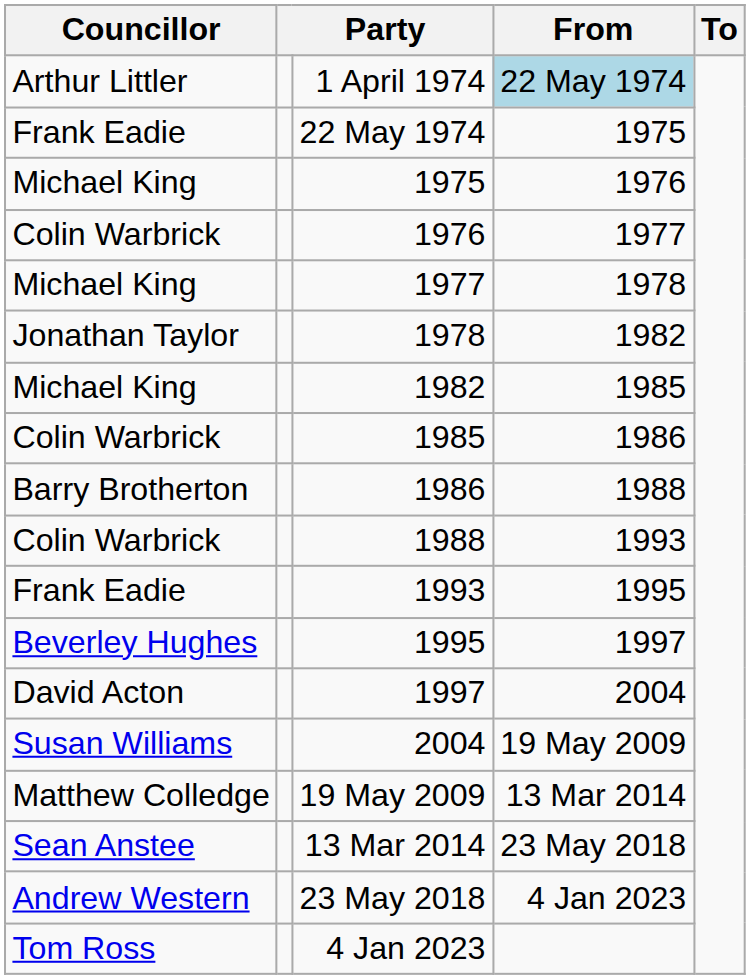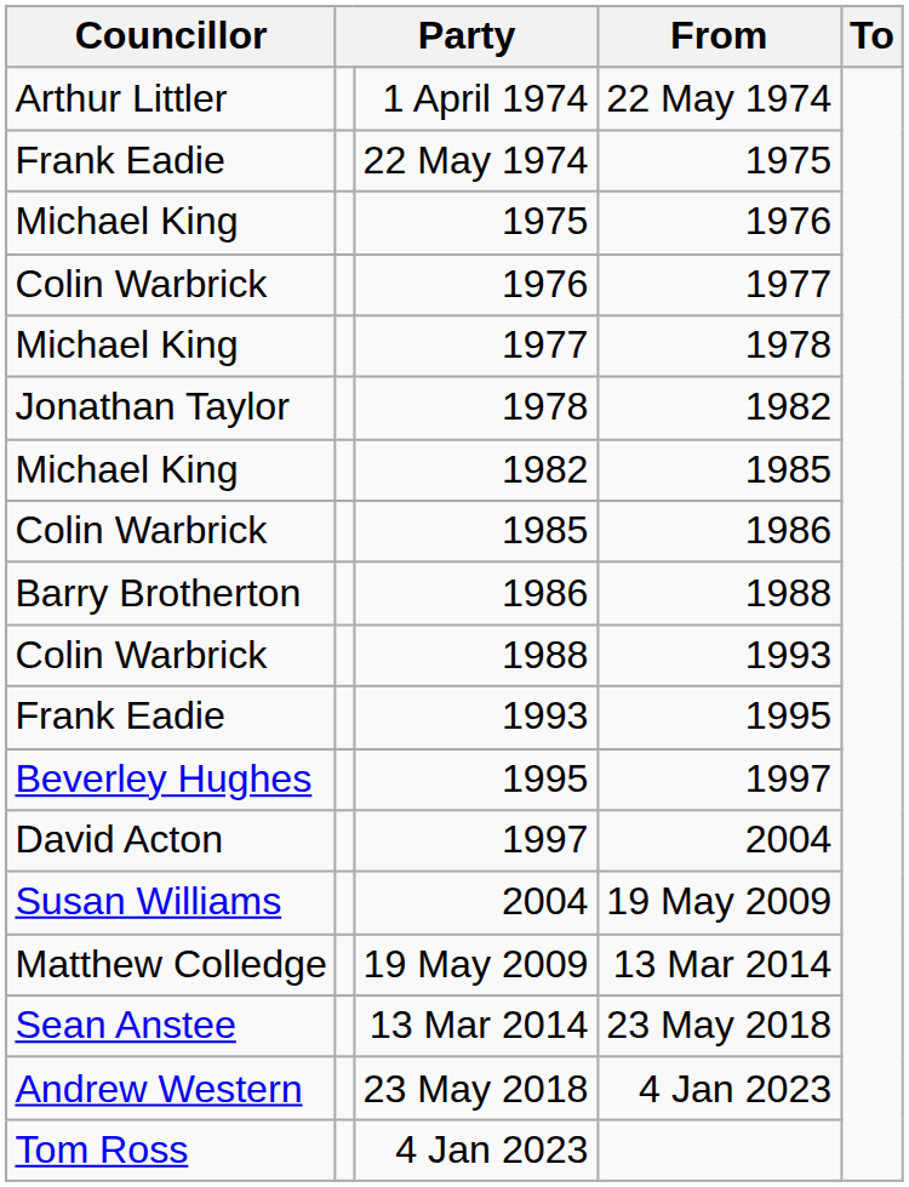 <table class=wikitable>
 <tr>
 <th>Councillor</th>
 <th colspan=2>Party</th>
 <th>From</th>
 <th>To</th>
 </tr>
 <tr>
 <td>Arthur Littler</td>
 <td></td>
 <td align=right>1 April 1974</td>
-<td align=right style="background: lightblue;">22 May 1974</td>
+<td align=right>22 May 1974</td>
 </tr>
 <tr>
 <td>Frank Eadie</td>
 <td></td>
 <td align=right>22 May 1974</td>
 <td align=right>1975</td>
 </tr>
 <tr>
 <td>Michael King</td>
 <td></td>
 <td align=right>1975</td>
 <td align=right>1976</td>
 </tr>
 <tr>
 <td>Colin Warbrick</td>
 <td></td>
 <td align=right>1976</td>
 <td align=right>1977</td>
 </tr>
 <tr>
 <td>Michael King</td>
 <td></td>
 <td align=right>1977</td>
 <td align=right>1978</td>
 </tr>
 <tr>
 <td>Jonathan Taylor</td>
 <td></td>
 <td align=right>1978</td>
 <td align=right>1982</td>
 </tr>
 <tr>
 <td>Michael King</td>
 <td></td>
 <td align=right>1982</td>
 <td align=right>1985</td>
 </tr>
 <tr>
 <td>Colin Warbrick</td>
 <td></td>
 <td align=right>1985</td>
 <td align=right>1986</td>
 </tr>
 <tr>
 <td>Barry Brotherton</td>
 <td></td>
 <td align=right>1986</td>
 <td align=right>1988</td>
 </tr>
 <tr>
 <td>Colin Warbrick</td>
 <td></td>
 <td align=right>1988</td>
 <td align=right>1993</td>
 </tr>
 <tr>
 <td>Frank Eadie</td>
 <td></td>
 <td align=right>1993</td>
 <td align=right>1995</td>
 </tr>
 <tr>
 <td><a href='#'>Beverley Hughes</a></td>
 <td></td>
 <td align=right>1995</td>
 <td align=right>1997</td>
 </tr>
 <tr>
 <td>David Acton</td>
 <td></td>
 <td align=right>1997</td>
 <td align=right>2004</td>
 </tr>
 <tr>
 <td><a href='#'>Susan Williams</a></td>
 <td></td>
 <td align=right>2004</td>
 <td align=right>19 May 2009</td>
 </tr>
 <tr>
 <td>Matthew Colledge</td>
 <td></td>
 <td align=right>19 May 2009</td>
 <td align=right>13 Mar 2014</td>
 </tr>
 <tr>
 <td><a href='#'>Sean Anstee</a></td>
 <td></td>
 <td align=right>13 Mar 2014</td>
 <td align=right>23 May 2018</td>
 </tr>
 <tr>
 <td><a href='#'>Andrew Western</a></td>
 <td></td>
 <td align=right>23 May 2018</td>
 <td align=right>4 Jan 2023</td>
 </tr>
 <tr>
 <td><a href='#'>Tom Ross</a></td>
 <td></td>
 <td align=right>4 Jan 2023</td>
 <td align=right></td>
 </tr>
 </table>
